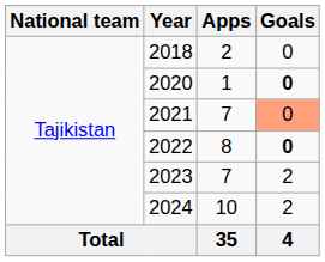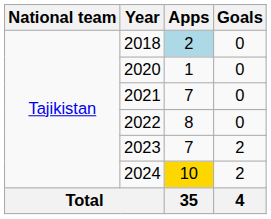 <table class="wikitable" style="text-align:center">
 <tr>
 <th>National team</th>
 <th>Year</th>
 <th>Apps</th>
 <th>Goals</th>
 </tr>
 <tr>
 <td rowspan="6"><a href='#'>Tajikistan</a></td>
 <td>2018</td>
-<td>2</td>
+<td style="background: lightblue;">2</td>
 <td>0</td>
 </tr>
 <tr>
 <td>2020</td>
 <td>1</td>
-<td><strong>0</strong></td>
+<td>0</td>
 </tr>
 <tr>
 <td>2021</td>
 <td>7</td>
-<td style="background: lightsalmon;">0</td>
+<td>0</td>
 </tr>
 <tr>
 <td>2022</td>
 <td>8</td>
-<td><strong>0</strong></td>
+<td>0</td>
 </tr>
 <tr>
 <td>2023</td>
 <td>7</td>
 <td>2</td>
 </tr>
 <tr>
 <td>2024</td>
-<td>10</td>
+<td style="background: gold;">10</td>
 <td>2</td>
 </tr>
 <tr>
 <th colspan="2">Total</th>
 <th>35</th>
 <th>4</th>
 </tr>
 </table>
